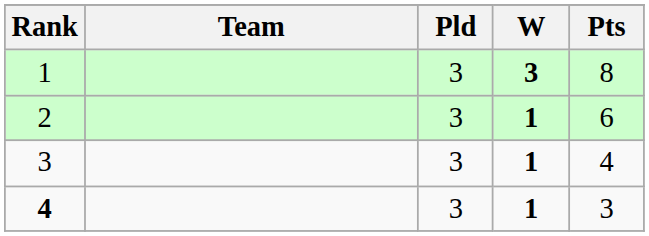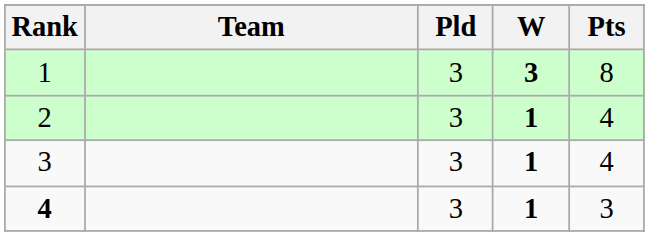 <table class="wikitable">
 <tr>
 </tr>
 <tr>
 <th style="width:35px">Rank</th>
 <th style="width:180px">Team</th>
 <th style="width:35px">Pld</th>
 <th style="width:35px">W</th>
 <th style="width:35px">Pts</th>
 </tr>
 <tr bgcolor=#ccffcc>
 <td align=center>1</td>
 <td></td>
 <td align=center>3</td>
 <td align=center><strong>3</strong></td>
 <td align=center>8</td>
 </tr>
 <tr bgcolor=#ccffcc>
 <td align=center>2</td>
 <td></td>
 <td align=center>3</td>
 <td align=center><strong>1</strong></td>
-<td align=center>6</td>
+<td align=center>4</td>
 </tr>
 <tr>
 <td align=center>3</td>
 <td></td>
 <td align=center>3</td>
 <td align=center><strong>1</strong></td>
 <td align=center>4</td>
 </tr>
 <tr>
 <td align=center><strong>4</strong></td>
 <td></td>
 <td align=center>3</td>
 <td align=center><strong>1</strong></td>
 <td align=center>3</td>
 </tr>
 </table>
